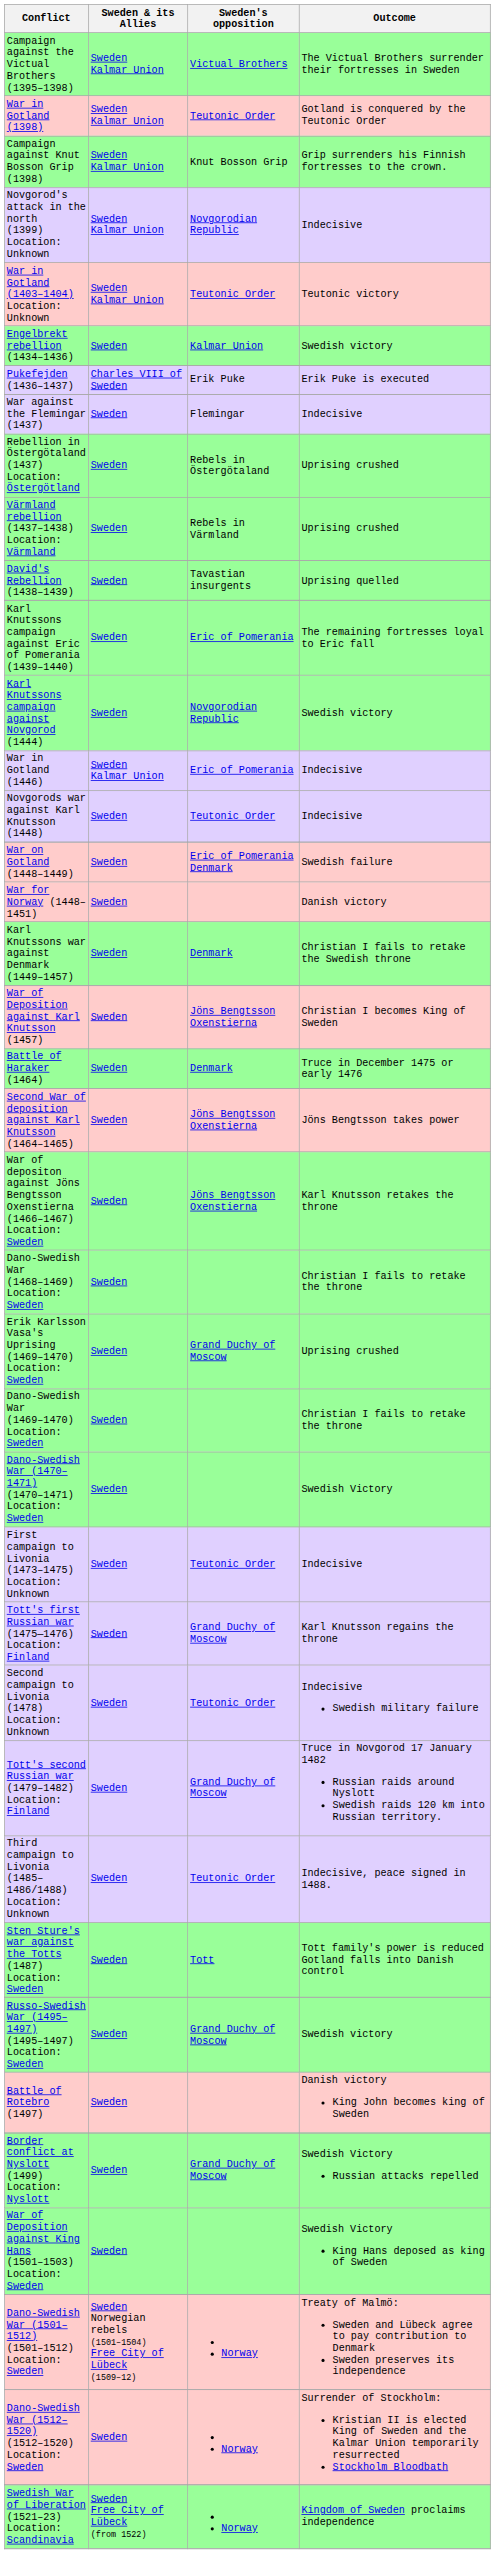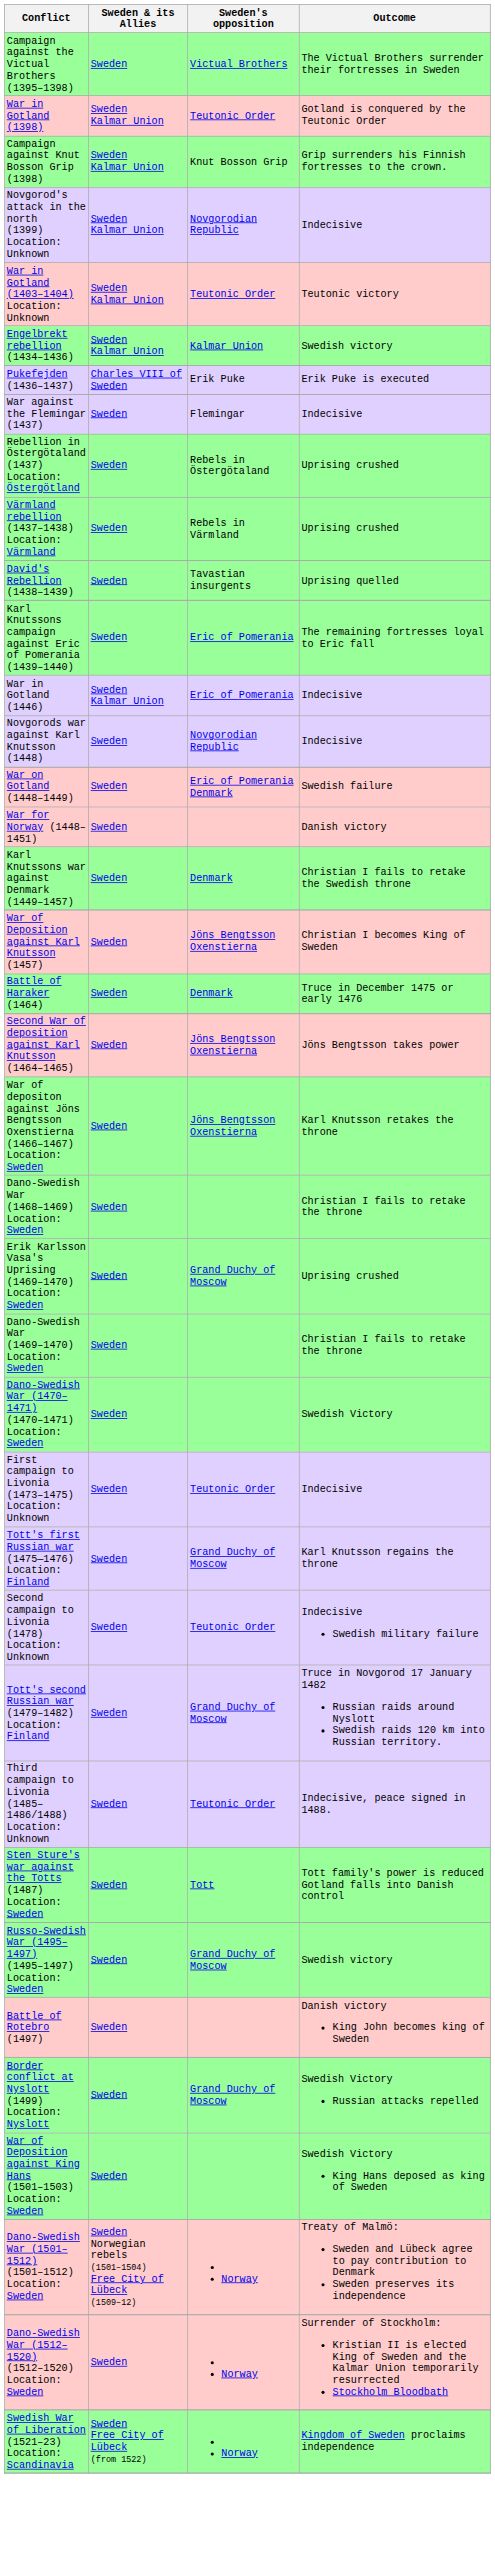 <table class="wikitable sortable" width="100%">
 <tr>
 <th rowspan="1">Conflict</th>
 <th rowspan="1" width=170px>Sweden & its Allies</th>
 <th rowspan="1" width=170px>Sweden's opposition</th>
 <th rowspan="1" width=340px>Outcome</th>
 </tr>
 <tr bgcolor="#99ff99">
 <td>Campaign against the Victual Brothers <br> (1395–1398)</td>
-<td><a href='#'>Sweden</a> <br> <a href='#'>Kalmar Union</a></td>
+<td><a href='#'>Sweden</a></td>
 <td><a href='#'>Victual Brothers</a></td>
 <td>The Victual Brothers surrender their fortresses in Sweden</td>
 </tr>
 <tr bgcolor="#FFCCCB">
 <td><a href='#'>War in Gotland (1398)</a></td>
 <td> <a href='#'>Sweden</a> <br>  <a href='#'>Kalmar Union</a></td>
 <td> <a href='#'>Teutonic Order</a></td>
 <td>Gotland is conquered by the Teutonic Order</td>
 </tr>
 <tr bgcolor="#99ff99">
 <td>Campaign against Knut Bosson Grip <br> (1398)</td>
 <td><a href='#'>Sweden</a> <br> <a href='#'>Kalmar Union</a></td>
 <td>Knut Bosson Grip</td>
 <td>Grip surrenders his Finnish fortresses to the crown.</td>
 </tr>
 <tr bgcolor="#E0D0FF">
 <td>Novgorod's attack in the north<br>(1399)<br>Location: Unknown</td>
 <td><a href='#'>Sweden</a> <br> <a href='#'>Kalmar Union</a></td>
 <td><a href='#'>Novgorodian Republic</a></td>
 <td>Indecisive</td>
 </tr>
 <tr bgcolor="#FFCCCB">
 <td><a href='#'>War in Gotland (1403–1404)</a><br>Location: Unknown</td>
 <td><a href='#'>Sweden</a> <br> <a href='#'>Kalmar Union</a></td>
 <td><a href='#'>Teutonic Order</a></td>
 <td>Teutonic victory</td>
 </tr>
 <tr bgcolor="#99ff99">
 <td><a href='#'>Engelbrekt rebellion</a> <br> (1434–1436)</td>
-<td><a href='#'>Sweden</a></td>
+<td><a href='#'>Sweden</a> <br> <a href='#'>Kalmar Union</a></td>
 <td><a href='#'>Kalmar Union</a></td>
 <td>Swedish victory</td>
 </tr>
 <tr>
 </tr>
 <tr bgcolor="#E0D0FF ">
 <td><a href='#'>Pukefejden</a> <br> (1436–1437)</td>
 <td><a href='#'>Charles VIII of Sweden</a></td>
 <td>Erik Puke</td>
 <td>Erik Puke is executed</td>
 </tr>
 <tr>
 </tr>
 <tr bgcolor="#E0D0FF">
 <td>War against the Flemingar <br> (1437)</td>
 <td><a href='#'>Sweden</a></td>
 <td>Flemingar</td>
 <td>Indecisive</td>
 </tr>
 <tr bgcolor="#99ff99">
 <td>Rebellion in Östergötaland <br>(1437)<br>Location: <a href='#'>Östergötland</a></td>
 <td><a href='#'>Sweden</a></td>
 <td>Rebels in Östergötaland</td>
 <td>Uprising crushed</td>
 </tr>
 <tr bgcolor="#99ff99">
 <td><a href='#'>Värmland rebellion</a> <br>(1437–1438)<br>Location: <a href='#'>Värmland</a></td>
 <td><a href='#'>Sweden</a></td>
 <td>Rebels in Värmland</td>
 <td>Uprising crushed</td>
 </tr>
 <tr>
 </tr>
 <tr bgcolor="#99ff99">
 <td><a href='#'>David's Rebellion</a> <br> (1438–1439)</td>
 <td><a href='#'>Sweden</a></td>
 <td>Tavastian insurgents</td>
 <td>Uprising quelled</td>
 </tr>
 <tr>
 </tr>
 <tr bgcolor="#99ff99">
 <td>Karl Knutssons campaign against Eric of Pomerania <br> (1439–1440)</td>
 <td><a href='#'>Sweden</a></td>
 <td><a href='#'>Eric of Pomerania</a></td>
 <td>The remaining fortresses loyal to Eric fall</td>
 </tr>
-<tr bgcolor="#99ff99">
-<td><a href='#'>Karl Knutssons campaign against Novgorod</a> <br> (1444)</td>
-<td><a href='#'>Sweden</a></td>
-<td><a href='#'>Novgorodian Republic</a></td>
-<td>Swedish victory</td>
-</tr>
 <tr bgcolor="#E0D0FF">
 <td>War in Gotland <br> (1446)</td>
 <td><a href='#'>Sweden</a> <br> <a href='#'>Kalmar Union</a></td>
 <td><a href='#'>Eric of Pomerania</a></td>
 <td>Indecisive</td>
 </tr>
 <tr bgcolor="#E0D0FF">
 <td>Novgorods war against Karl Knutsson <br> (1448)</td>
 <td><a href='#'>Sweden</a></td>
-<td> <a href='#'>Teutonic Order</a></td>
+<td><a href='#'>Novgorodian Republic</a></td>
 <td>Indecisive</td>
 </tr>
 <tr>
 </tr>
 <tr bgcolor="#FFCCCB">
 <td><a href='#'>War on Gotland</a> (1448–1449)</td>
 <td> <a href='#'>Sweden</a></td>
 <td> <a href='#'>Eric of Pomerania</a> <br>  <a href='#'>Denmark</a></td>
 <td>Swedish failure</td>
 </tr>
 <tr bgcolor="#FFCCCB">
 <td><a href='#'>War for Norway</a> (1448–1451)</td>
 <td> <a href='#'>Sweden</a></td>
 <td></td>
 <td>Danish victory</td>
 </tr>
 <tr bgcolor="#99ff99">
 <td>Karl Knutssons war against Denmark  <br> (1449–1457)</td>
 <td><a href='#'>Sweden</a></td>
 <td><a href='#'>Denmark</a></td>
 <td>Christian I fails to retake the Swedish throne</td>
 </tr>
 <tr>
 </tr>
 <tr bgcolor="#FFCCCB ">
 <td><a href='#'>War of Deposition against Karl Knutsson</a>  <br> (1457)</td>
 <td><a href='#'>Sweden</a></td>
 <td><a href='#'>Jöns Bengtsson Oxenstierna</a></td>
 <td>Christian I becomes King of Sweden</td>
 </tr>
 <tr bgcolor="#99ff99">
 <td><a href='#'>Battle of Haraker</a>  <br> (1464)</td>
 <td><a href='#'>Sweden</a></td>
 <td><a href='#'>Denmark</a></td>
 <td>Truce in December 1475 or early 1476</td>
 </tr>
 <tr>
 </tr>
 <tr bgcolor="#FFCCCB">
 <td><a href='#'>Second War of deposition against Karl Knutsson</a>  <br> (1464–1465)</td>
 <td><a href='#'>Sweden</a></td>
 <td><a href='#'>Jöns Bengtsson Oxenstierna</a></td>
 <td>Jöns Bengtsson takes power</td>
 </tr>
 <tr bgcolor="#99ff99">
 <td>War of depositon against Jöns Bengtsson Oxenstierna<br>(1466–1467)<br>Location: <a href='#'>Sweden</a></td>
 <td> <a href='#'>Sweden</a></td>
 <td><a href='#'>Jöns Bengtsson Oxenstierna</a> <br> </td>
 <td>Karl Knutsson retakes the throne</td>
 </tr>
 <tr bgcolor="#99ff99">
 <td>Dano-Swedish War<br>(1468–1469)<br>Location: <a href='#'>Sweden</a></td>
 <td> <a href='#'>Sweden</a></td>
 <td></td>
 <td>Christian I fails to retake the throne</td>
 </tr>
 <tr bgcolor="#99ff99">
 <td>Erik Karlsson Vasa's Uprising<br>(1469–1470)<br>Location: <a href='#'>Sweden</a></td>
 <td> <a href='#'>Sweden</a></td>
 <td><a href='#'>Grand Duchy of Moscow</a></td>
 <td>Uprising crushed</td>
 </tr>
 <tr bgcolor="#99ff99">
 <td>Dano-Swedish War<br>(1469–1470)<br>Location: <a href='#'>Sweden</a></td>
 <td> <a href='#'>Sweden</a></td>
 <td></td>
 <td>Christian I fails to retake the throne</td>
 </tr>
 <tr bgcolor="#99ff99">
 <td><a href='#'>Dano-Swedish War (1470–1471)</a><br>(1470–1471)<br>Location: <a href='#'>Sweden</a></td>
 <td> <a href='#'>Sweden</a></td>
 <td></td>
 <td>Swedish Victory</td>
 </tr>
 <tr bgcolor="#E0D0FF">
 <td>First campaign to Livonia<br>(1473–1475)<br>Location: Unknown</td>
 <td><a href='#'>Sweden</a></td>
 <td><a href='#'>Teutonic Order</a></td>
 <td>Indecisive</td>
 </tr>
 <tr bgcolor="#E0D0FF">
 <td><a href='#'>Tott's first Russian war</a> <br>(1475―1476)<br>Location: <a href='#'>Finland</a></td>
 <td><a href='#'>Sweden</a></td>
 <td><a href='#'>Grand Duchy of Moscow</a></td>
 <td>Karl Knutsson regains the throne</td>
 </tr>
 <tr bgcolor="#E0D0FF">
 <td>Second campaign to Livonia<br>(1478)<br>Location: Unknown</td>
 <td><a href='#'>Sweden</a></td>
 <td><a href='#'>Teutonic Order</a></td>
 <td>Indecisive<br><ul><li>Swedish military failure</li></ul></td>
 </tr>
 <tr bgcolor="#E0D0FF">
 <td><a href='#'>Tott's second Russian war</a> <br>(1479–1482)<br>Location: <a href='#'>Finland</a></td>
 <td><a href='#'>Sweden</a></td>
 <td><a href='#'>Grand Duchy of Moscow</a></td>
 <td>Truce in Novgorod 17 January 1482<br><ul><li>Russian raids around Nyslott</li><li>Swedish raids 120 km into Russian territory.</li></ul></td>
 </tr>
 <tr bgcolor="#E0D0FF">
 <td>Third campaign to Livonia<br>(1485–1486/1488)<br>Location: Unknown</td>
 <td><a href='#'>Sweden</a></td>
 <td><a href='#'>Teutonic Order</a></td>
 <td>Indecisive, peace signed in 1488.</td>
 </tr>
 <tr bgcolor="#99ff99">
 <td><a href='#'>Sten Sture's war against the Totts</a><br>(1487)<br>Location: <a href='#'>Sweden</a></td>
 <td> <a href='#'>Sweden</a></td>
 <td> <a href='#'>Tott</a></td>
 <td>Tott family's power is reduced <br> Gotland falls into Danish control</td>
 </tr>
 <tr>
 </tr>
 <tr bgcolor="#99ff99">
 <td><a href='#'>Russo-Swedish War (1495–1497)</a><br>(1495–1497)<br>Location: <a href='#'>Sweden</a></td>
 <td> <a href='#'>Sweden</a></td>
 <td><a href='#'>Grand Duchy of Moscow</a></td>
 <td>Swedish victory</td>
 </tr>
 <tr bgcolor="#FFCCCB ">
 <td><a href='#'>Battle of Rotebro</a>  <br> (1497)</td>
 <td> <a href='#'>Sweden</a></td>
 <td></td>
 <td>Danish victory<br><ul><li>King John becomes king of Sweden</li></ul></td>
 </tr>
 <tr>
 </tr>
 <tr bgcolor="#99ff99">
 <td><a href='#'>Border conflict at Nyslott</a><br>(1499)<br>Location: <a href='#'>Nyslott</a></td>
 <td> <a href='#'>Sweden</a></td>
 <td><a href='#'>Grand Duchy of Moscow</a></td>
 <td>Swedish Victory<br><ul><li>Russian attacks repelled</li></ul></td>
 </tr>
 <tr bgcolor="#99ff99">
 <td><a href='#'>War of Deposition against King Hans</a><br>(1501–1503)<br>Location: <a href='#'>Sweden</a></td>
 <td> <a href='#'>Sweden</a></td>
 <td></td>
 <td>Swedish Victory<br><ul><li>King Hans deposed as king of Sweden</li></ul></td>
 </tr>
 <tr>
 </tr>
 <tr bgcolor="#FFCCCB">
 <td><a href='#'>Dano-Swedish War (1501–1512)</a><br>(1501–1512)<br>Location: <a href='#'>Sweden</a></td>
 <td> <a href='#'>Sweden</a><br> Norwegian rebels <br><small>(1501–1504)</small><br> <a href='#'>Free City of Lübeck</a><br><small>(1509–12)</small></td>
 <td><br><ul><li></li><li> <a href='#'>Norway</a></li></ul></td>
 <td>Treaty of Malmö:<br><ul><li>Sweden and Lübeck agree to pay contribution to Denmark</li><li>Sweden preserves its independence</li></ul></td>
 </tr>
 <tr>
 </tr>
 <tr bgcolor="#FFCCCB">
 <td><a href='#'>Dano-Swedish War (1512–1520)</a><br>(1512–1520)<br>Location: <a href='#'>Sweden</a></td>
 <td> <a href='#'>Sweden</a></td>
 <td><br><ul><li></li><li> <a href='#'>Norway</a></li></ul></td>
 <td>Surrender of Stockholm:<br><ul><li>Kristian II is elected King of Sweden and the Kalmar Union temporarily resurrected</li><li><a href='#'>Stockholm Bloodbath</a></li></ul></td>
 </tr>
 <tr>
 </tr>
 <tr bgcolor="#99ff99">
 <td><a href='#'>Swedish War of Liberation</a><br>(1521–23)<br>Location: <a href='#'>Scandinavia</a></td>
 <td> <a href='#'>Sweden</a><br> <a href='#'>Free City of Lübeck</a><br><small>(from 1522)</small></td>
 <td><br><ul><li></li><li> <a href='#'>Norway</a></li></ul></td>
 <td><a href='#'>Kingdom of Sweden</a> proclaims independence</td>
 </tr>
 <tr>
 </tr>
 </table>
